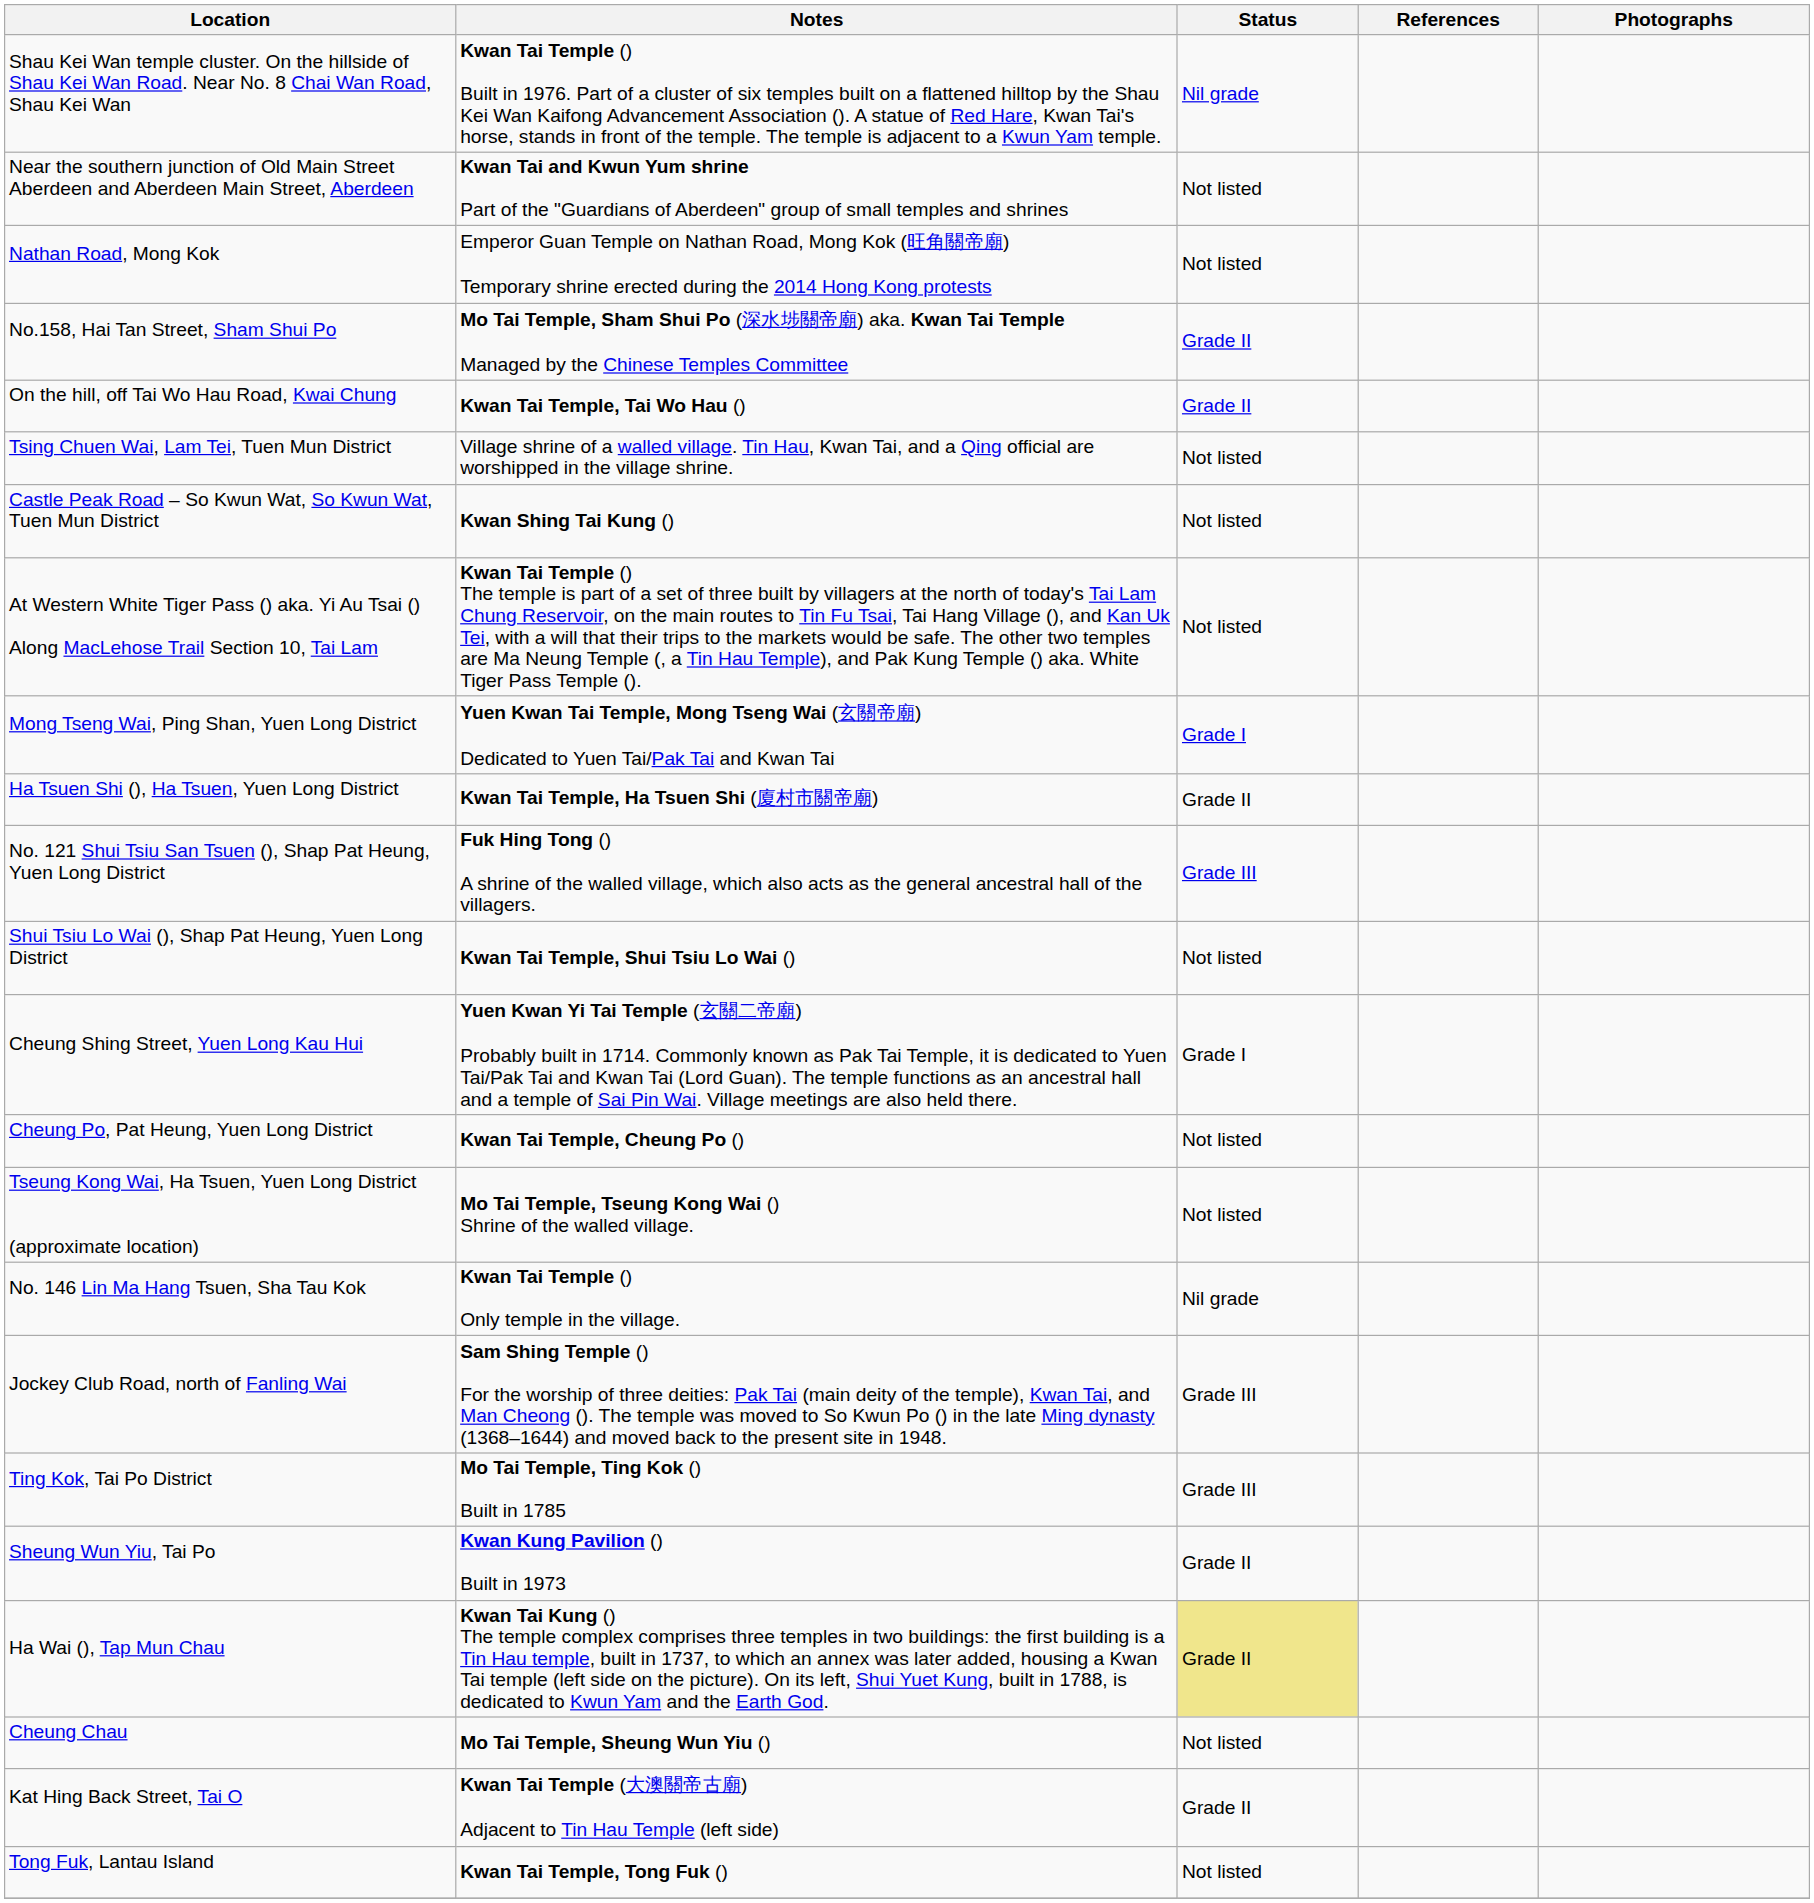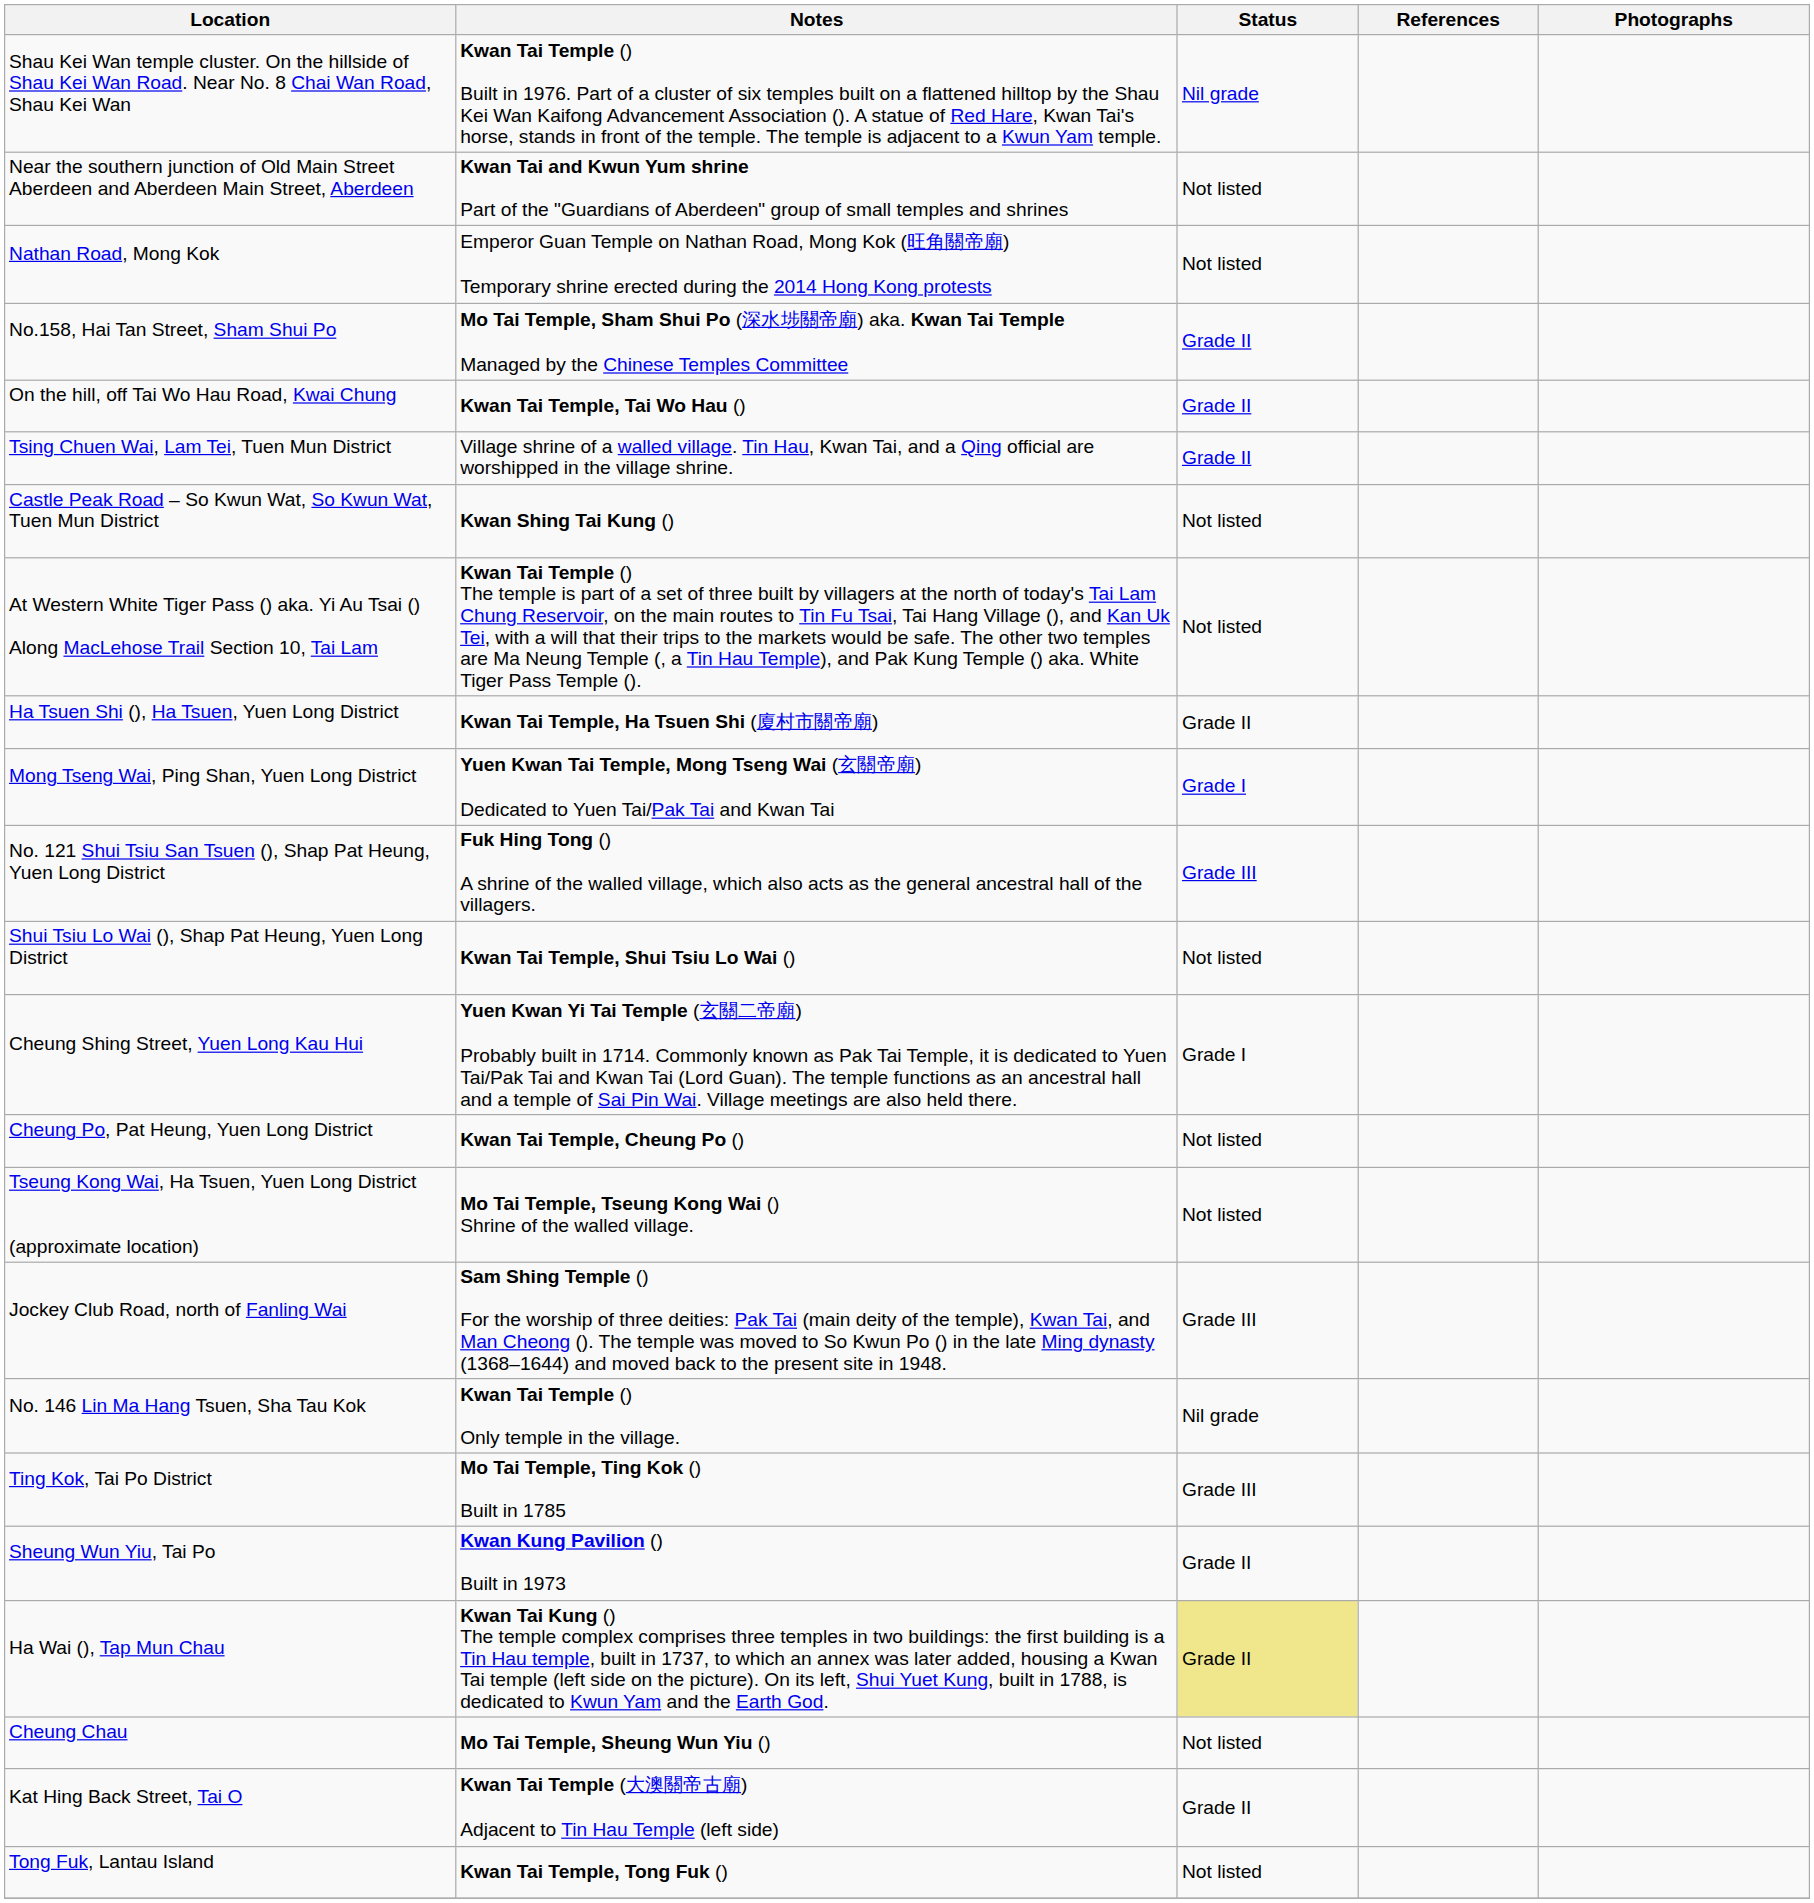 <table class="wikitable sortable" style="width:95%">
 <tr>
 <th width="25%">Location</th>
 <th width="40%">Notes</th>
 <th width="10%">Status</th>
 <th width="10%">References</th>
 <th width="15%">Photographs</th>
 </tr>
 <tr>
 <td>Shau Kei Wan temple cluster. On the hillside of <a href='#'>Shau Kei Wan Road</a>. Near No. 8 <a href='#'>Chai Wan Road</a>, Shau Kei Wan<br><br></td>
 <td><strong>Kwan Tai Temple</strong> ()<br><br>Built in 1976. Part of a cluster of six temples built on a flattened hilltop by the Shau Kei Wan Kaifong Advancement Association (). A statue of <a href='#'>Red Hare</a>, Kwan Tai's horse, stands in front of the temple. The temple is adjacent to a <a href='#'>Kwun Yam</a> temple.</td>
 <td><a href='#'>Nil grade</a></td>
 <td>    </td>
 <td></td>
 </tr>
 <tr>
 <td>Near the southern junction of Old Main Street Aberdeen and Aberdeen Main Street, <a href='#'>Aberdeen</a><br><br></td>
 <td><strong>Kwan Tai and Kwun Yum shrine</strong><br><br>Part of the "Guardians of Aberdeen" group of small temples and shrines</td>
 <td>Not listed</td>
 <td> </td>
 <td></td>
 </tr>
 <tr>
 <td><a href='#'>Nathan Road</a>, Mong Kok<br><br></td>
 <td>Emperor Guan Temple on Nathan Road, Mong Kok (<a href='#'>旺角關帝廟</a>)<br><br>Temporary shrine erected during the <a href='#'>2014 Hong Kong protests</a></td>
 <td>Not listed</td>
 <td></td>
 <td></td>
 </tr>
 <tr>
 <td>No.158, Hai Tan Street, <a href='#'>Sham Shui Po</a><br><br></td>
 <td><strong>Mo Tai Temple, Sham Shui Po</strong> (<a href='#'>深水埗關帝廟</a>) aka. <strong>Kwan Tai Temple</strong><br><br>Managed by the <a href='#'>Chinese Temples Committee</a></td>
 <td><a href='#'>Grade II</a></td>
 <td>   </td>
 <td></td>
 </tr>
 <tr>
 <td>On the hill, off Tai Wo Hau Road, <a href='#'>Kwai Chung</a><br><br></td>
 <td><strong>Kwan Tai Temple, Tai Wo Hau</strong> ()</td>
 <td><a href='#'>Grade II</a></td>
 <td>     </td>
 <td></td>
 </tr>
 <tr>
 <td><a href='#'>Tsing Chuen Wai</a>, <a href='#'>Lam Tei</a>, Tuen Mun District<br><br></td>
 <td>Village shrine of a <a href='#'>walled village</a>. <a href='#'>Tin Hau</a>, Kwan Tai, and a <a href='#'>Qing</a> official are worshipped in the village shrine.</td>
-<td>Not listed</td>
+<td><a href='#'>Grade II</a></td>
 <td></td>
 <td></td>
 </tr>
 <tr>
 <td><a href='#'>Castle Peak Road</a> – So Kwun Wat, <a href='#'>So Kwun Wat</a>, Tuen Mun District<br><br></td>
 <td><strong>Kwan Shing Tai Kung</strong> ()</td>
 <td>Not listed</td>
 <td></td>
 <td></td>
 </tr>
 <tr>
 <td>At Western White Tiger Pass () aka. Yi Au Tsai ()<br><br>Along <a href='#'>MacLehose Trail</a> Section 10, <a href='#'>Tai Lam</a><br> </td>
 <td><strong>Kwan Tai Temple</strong> ()<br>The temple is part of a set of three built by villagers at the north of today's <a href='#'>Tai Lam Chung Reservoir</a>, on the main routes to <a href='#'>Tin Fu Tsai</a>, Tai Hang Village (), and <a href='#'>Kan Uk Tei</a>, with a will that their trips to the markets would be safe. The other two temples are Ma Neung Temple (, a <a href='#'>Tin Hau Temple</a>), and Pak Kung Temple () aka. White Tiger Pass Temple ().</td>
 <td>Not listed</td>
 <td>    </td>
 <td></td>
 </tr>
 <tr>
+<td><a href='#'>Ha Tsuen Shi</a> (), <a href='#'>Ha Tsuen</a>, Yuen Long District<br><br></td>
+<td><strong>Kwan Tai Temple, Ha Tsuen Shi</strong> (<a href='#'>廈村市關帝廟</a>)</td>
+<td>Grade II</td>
+<td> </td>
+<td></td>
+</tr>
+<tr>
 <td><a href='#'>Mong Tseng Wai</a>, Ping Shan, Yuen Long District<br><br></td>
 <td><strong>Yuen Kwan Tai Temple, Mong Tseng Wai</strong> (<a href='#'>玄關帝廟</a>)<br><br>Dedicated to Yuen Tai/<a href='#'>Pak Tai</a> and Kwan Tai</td>
 <td><a href='#'>Grade I</a></td>
 <td>  </td>
-<td></td>
-</tr>
-<tr>
-<td><a href='#'>Ha Tsuen Shi</a> (), <a href='#'>Ha Tsuen</a>, Yuen Long District<br><br></td>
-<td><strong>Kwan Tai Temple, Ha Tsuen Shi</strong> (<a href='#'>廈村市關帝廟</a>)</td>
-<td>Grade II</td>
-<td> </td>
 <td></td>
 </tr>
 <tr>
 <td>No. 121 <a href='#'>Shui Tsiu San Tsuen</a> (), Shap Pat Heung, Yuen Long District<br><br></td>
 <td><strong>Fuk Hing Tong</strong> ()<br><br>A shrine of the walled village, which also acts as the general ancestral hall of the villagers.</td>
 <td><a href='#'>Grade III</a></td>
 <td> </td>
 <td></td>
 </tr>
 <tr>
 <td><a href='#'>Shui Tsiu Lo Wai</a> (), Shap Pat Heung, Yuen Long District<br><br></td>
 <td><strong>Kwan Tai Temple, Shui Tsiu Lo Wai</strong> ()</td>
 <td>Not listed</td>
 <td></td>
 <td></td>
 </tr>
 <tr>
 <td>Cheung Shing Street, <a href='#'>Yuen Long Kau Hui</a><br><br></td>
 <td><strong>Yuen Kwan Yi Tai Temple</strong> (<a href='#'>玄關二帝廟</a>)<br><br>Probably built in 1714. Commonly known as Pak Tai Temple, it is dedicated to Yuen Tai/Pak Tai and Kwan Tai (Lord Guan). The temple functions as an ancestral hall and a temple of <a href='#'>Sai Pin Wai</a>. Village meetings are also held there.</td>
 <td>Grade I</td>
 <td> </td>
 <td></td>
 </tr>
 <tr>
 <td><a href='#'>Cheung Po</a>, Pat Heung, Yuen Long District<br><br></td>
 <td><strong>Kwan Tai Temple, Cheung Po</strong> ()</td>
 <td>Not listed</td>
 <td> </td>
 <td></td>
 </tr>
 <tr>
 <td><a href='#'>Tseung Kong Wai</a>, Ha Tsuen, Yuen Long District<br><br><br>(approximate location)</td>
 <td><strong>Mo Tai Temple, Tseung Kong Wai</strong> ()<br>Shrine of the walled village.</td>
 <td>Not listed</td>
 <td></td>
 <td></td>
 </tr>
 <tr>
-<td>No. 146 <a href='#'>Lin Ma Hang</a> Tsuen, Sha Tau Kok<br><br></td>
-<td><strong>Kwan Tai Temple</strong> ()<br><br>Only temple in the village.</td>
-<td>Nil grade</td>
+<td>Jockey Club Road, north of <a href='#'>Fanling Wai</a><br><br></td>
+<td><strong>Sam Shing Temple</strong> ()<br><br>For the worship of three deities: <a href='#'>Pak Tai</a> (main deity of the temple), <a href='#'>Kwan Tai</a>, and <a href='#'>Man Cheong</a> (). The temple was moved to So Kwun Po () in the late <a href='#'>Ming dynasty</a> (1368–1644) and moved back to the present site in 1948.</td>
+<td>Grade III</td>
 <td> </td>
 <td></td>
 </tr>
 <tr>
-<td>Jockey Club Road, north of <a href='#'>Fanling Wai</a><br><br></td>
-<td><strong>Sam Shing Temple</strong> ()<br><br>For the worship of three deities: <a href='#'>Pak Tai</a> (main deity of the temple), <a href='#'>Kwan Tai</a>, and <a href='#'>Man Cheong</a> (). The temple was moved to So Kwun Po () in the late <a href='#'>Ming dynasty</a> (1368–1644) and moved back to the present site in 1948.</td>
-<td>Grade III</td>
+<td>No. 146 <a href='#'>Lin Ma Hang</a> Tsuen, Sha Tau Kok<br><br></td>
+<td><strong>Kwan Tai Temple</strong> ()<br><br>Only temple in the village.</td>
+<td>Nil grade</td>
 <td> </td>
 <td></td>
 </tr>
 <tr>
 <td><a href='#'>Ting Kok</a>, Tai Po District<br><br></td>
 <td><strong>Mo Tai Temple, Ting Kok</strong> ()<br><br>Built in 1785</td>
 <td>Grade III</td>
 <td> </td>
 <td></td>
 </tr>
 <tr>
 <td><a href='#'>Sheung Wun Yiu</a>, Tai Po<br><br></td>
 <td><strong><a href='#'>Kwan Kung Pavilion</a></strong> ()<br><br>Built in 1973</td>
 <td>Grade II</td>
 <td> </td>
 <td></td>
 </tr>
 <tr>
 <td>Ha Wai (), <a href='#'>Tap Mun Chau</a><br><br></td>
 <td><strong>Kwan Tai Kung</strong> ()<br>The temple complex comprises three temples in two buildings: the first building is a <a href='#'>Tin Hau temple</a>, built in 1737, to which an annex was later added, housing a Kwan Tai temple (left side on the picture). On its left, <a href='#'>Shui Yuet Kung</a>, built in 1788, is dedicated to <a href='#'>Kwun Yam</a> and the <a href='#'>Earth God</a>.</td>
 <td style="background: khaki;">Grade II</td>
 <td>  </td>
 <td></td>
 </tr>
 <tr>
 <td><a href='#'>Cheung Chau</a><br><br></td>
 <td><strong>Mo Tai Temple, Sheung Wun Yiu</strong> ()</td>
 <td>Not listed</td>
 <td> </td>
 <td></td>
 </tr>
 <tr>
 <td>Kat Hing Back Street, <a href='#'>Tai O</a><br><br></td>
 <td><strong>Kwan Tai Temple</strong> (<a href='#'>大澳關帝古廟</a>)<br><br>Adjacent to <a href='#'>Tin Hau Temple</a> (left side)</td>
 <td>Grade II</td>
 <td>  </td>
 <td></td>
 </tr>
 <tr>
 <td><a href='#'>Tong Fuk</a>, Lantau Island<br><br></td>
 <td><strong>Kwan Tai Temple, Tong Fuk</strong> ()</td>
 <td>Not listed</td>
 <td></td>
 <td></td>
 </tr>
 <tr>
 </tr>
 </table>
